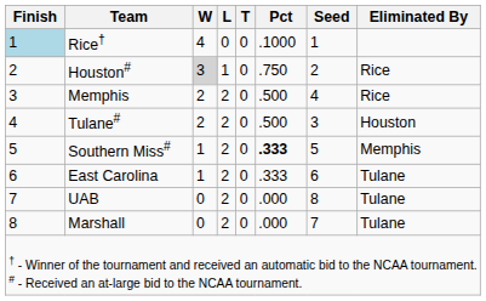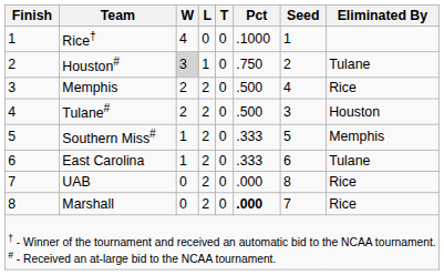 <table class="wikitable sortable">
 <tr>
 <th>Finish</th>
 <th>Team</th>
 <th>W</th>
 <th>L</th>
 <th>T</th>
 <th>Pct</th>
 <th>Seed</th>
 <th>Eliminated By</th>
 </tr>
 <tr>
-<td style="background: lightblue;">1</td>
+<td>1</td>
 <td>Rice<sup>†</sup></td>
 <td>4</td>
 <td>0</td>
 <td>0</td>
 <td>.1000</td>
 <td>1</td>
 <td></td>
 </tr>
 <tr>
 <td>2</td>
 <td>Houston<sup>#</sup></td>
 <td style="background: lightgrey;">3</td>
 <td>1</td>
 <td>0</td>
 <td>.750</td>
 <td>2</td>
-<td>Rice</td>
+<td>Tulane</td>
 </tr>
 <tr>
 <td>3</td>
 <td>Memphis</td>
 <td>2</td>
 <td>2</td>
 <td>0</td>
 <td>.500</td>
 <td>4</td>
 <td>Rice</td>
 </tr>
 <tr>
 <td>4</td>
 <td>Tulane<sup>#</sup></td>
 <td>2</td>
 <td>2</td>
 <td>0</td>
 <td>.500</td>
 <td>3</td>
 <td>Houston</td>
 </tr>
 <tr>
 <td>5</td>
 <td>Southern Miss<sup>#</sup></td>
 <td>1</td>
 <td>2</td>
 <td>0</td>
-<td><strong>.333</strong></td>
+<td>.333</td>
 <td>5</td>
 <td>Memphis</td>
 </tr>
 <tr>
 <td>6</td>
 <td>East Carolina</td>
 <td>1</td>
 <td>2</td>
 <td>0</td>
 <td>.333</td>
 <td>6</td>
 <td>Tulane</td>
 </tr>
 <tr>
 <td>7</td>
 <td>UAB</td>
 <td>0</td>
 <td>2</td>
 <td>0</td>
 <td>.000</td>
 <td>8</td>
-<td>Tulane</td>
+<td>Rice</td>
 </tr>
 <tr>
 <td>8</td>
 <td>Marshall</td>
 <td>0</td>
 <td>2</td>
 <td>0</td>
-<td>.000</td>
+<td><strong>.000</strong></td>
 <td>7</td>
-<td>Tulane</td>
+<td>Rice</td>
 </tr>
 <tr>
 <td colspan=8><br><small><sup>†</sup> - Winner of the tournament and received an automatic bid to the NCAA tournament.<br> <sup>#</sup> - Received an at-large bid to the NCAA tournament.</small></td>
 </tr>
 </table>
